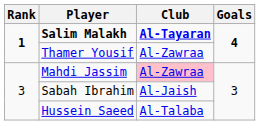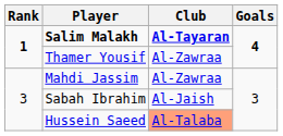 <table class="wikitable" style="text-align:center">
 <tr>
 <th>Rank</th>
 <th>Player</th>
 <th>Club</th>
 <th>Goals</th>
 </tr>
 <tr>
 <td rowspan="2"><strong>1</strong></td>
 <td align="left"><strong>Salim Malakh</strong></td>
 <td align="left"><strong><a href='#'>Al-Tayaran</a></strong></td>
 <td rowspan=2 align="center"><strong>4</strong></td>
 </tr>
 <tr>
 <td align="left"><a href='#'>Thamer Yousif</a></td>
 <td align="left"><a href='#'>Al-Zawraa</a></td>
 </tr>
 <tr>
 <td rowspan="3">3</td>
 <td align="left"><a href='#'>Mahdi Jassim</a></td>
-<td align="left" style="background: pink;"><a href='#'>Al-Zawraa</a></td>
+<td align="left"><a href='#'>Al-Zawraa</a></td>
 <td rowspan=3 align="center">3</td>
 </tr>
 <tr>
 <td align="left">Sabah Ibrahim</td>
 <td align="left"><a href='#'>Al-Jaish</a></td>
 </tr>
 <tr>
 <td align="left"><a href='#'>Hussein Saeed</a></td>
-<td align="left"><a href='#'>Al-Talaba</a></td>
+<td align="left" style="background: lightsalmon;"><a href='#'>Al-Talaba</a></td>
 </tr>
 </table>
